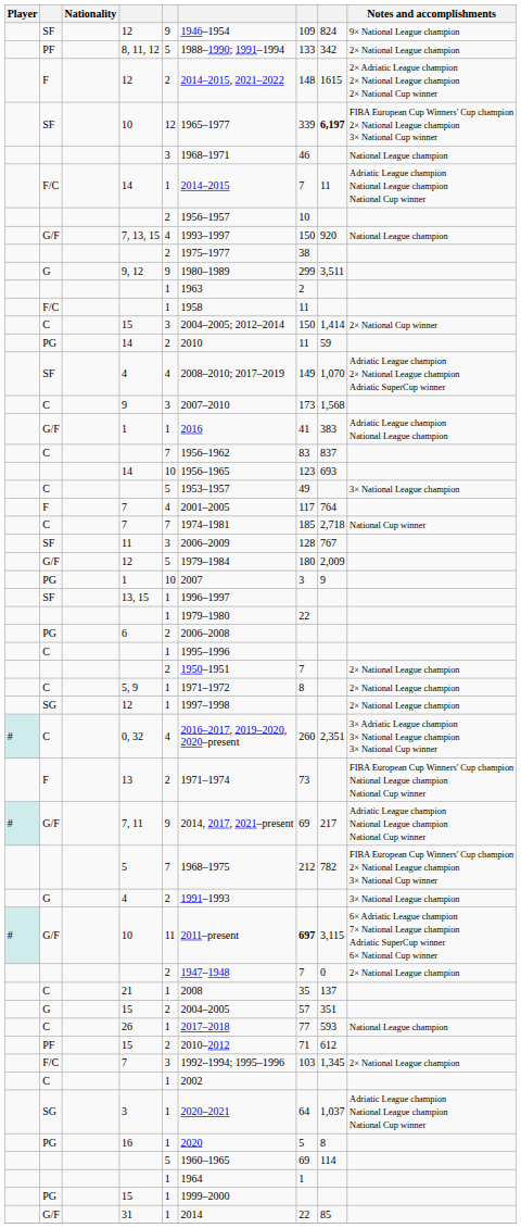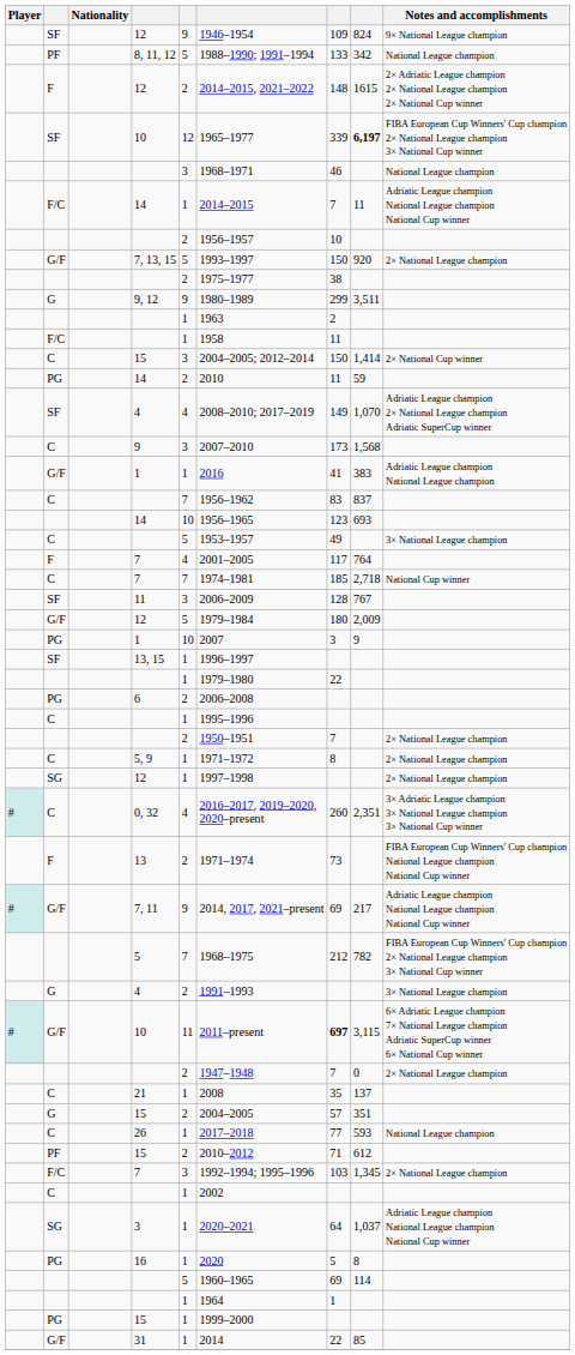 <table class="wikitable sortable" style="font-size:95%" style="text-align:center">
 <tr>
 <th scope="col">Player</th>
 <th scope="col"></th>
 <th scope="col">Nationality</th>
 <th scope="col"></th>
 <th scope="col"></th>
 <th scope="col"></th>
 <th scope="col"></th>
 <th scope="col"></th>
 <th scope="col" class="unsortable">Notes and accomplishments</th>
 </tr>
 <tr>
 <td align="left"></td>
 <td>SF</td>
 <td align="left"></td>
 <td>12</td>
 <td>9</td>
 <td><a href='#'>1946</a>–1954</td>
 <td>109</td>
 <td>824</td>
 <td align="left"><small>9× National League champion</small></td>
 </tr>
 <tr>
 <td align="left"></td>
 <td>PF</td>
 <td align="left"></td>
 <td>8, 11, 12</td>
 <td>5</td>
 <td>1988–<a href='#'>1990</a>; <a href='#'>1991</a>–1994</td>
 <td>133</td>
 <td>342</td>
-<td align="left"><small>2× National League champion</small></td>
+<td align="left"><small>National League champion</small></td>
 </tr>
 <tr>
 <td align="left"></td>
 <td>F</td>
 <td align="left"></td>
 <td>12</td>
 <td>2</td>
 <td><a href='#'>2014–2015</a>, <a href='#'>2021–2022</a></td>
 <td>148</td>
 <td>1615</td>
 <td align="left"><small>2× Adriatic League champion<br>2× National League champion<br>2× National Cup winner</small></td>
 </tr>
 <tr>
 <td align="left"></td>
 <td>SF</td>
 <td align="left"></td>
 <td>10</td>
 <td>12</td>
 <td>1965–1977</td>
 <td>339</td>
 <td><strong>6,197</strong></td>
 <td align="left"><small>FIBA European Cup Winners' Cup champion<br>2× National League champion<br>3× National Cup winner</small></td>
 </tr>
 <tr>
 <td align="left"></td>
 <td></td>
 <td align="left"></td>
 <td></td>
 <td>3</td>
 <td>1968–1971</td>
 <td>46</td>
 <td></td>
 <td align="left"><small>National League champion</small></td>
 </tr>
 <tr>
 <td align="left"></td>
 <td>F/C</td>
 <td align="left"></td>
 <td>14</td>
 <td>1</td>
 <td><a href='#'>2014–2015</a></td>
 <td>7</td>
 <td>11</td>
 <td align="left"><small>Adriatic League champion<br>National League champion<br>National Cup winner</small></td>
 </tr>
 <tr>
 <td align="left"></td>
 <td></td>
 <td align="left"></td>
 <td></td>
 <td>2</td>
 <td>1956–1957</td>
 <td>10</td>
 <td></td>
 <td></td>
 </tr>
 <tr>
 <td align="left"></td>
 <td>G/F</td>
 <td align="left"></td>
 <td>7, 13, 15</td>
-<td>4</td>
+<td>5</td>
 <td>1993–1997</td>
 <td>150</td>
 <td>920</td>
-<td align="left"><small>National League champion</small></td>
+<td align="left"><small>2× National League champion</small></td>
 </tr>
 <tr>
 <td align="left"></td>
 <td></td>
 <td align="left"></td>
 <td></td>
 <td>2</td>
 <td>1975–1977</td>
 <td>38</td>
 <td></td>
 <td></td>
 </tr>
 <tr>
 <td align="left"></td>
 <td>G</td>
 <td align="left"></td>
 <td>9, 12</td>
 <td>9</td>
 <td>1980–1989</td>
 <td>299</td>
 <td>3,511</td>
 <td></td>
 </tr>
 <tr>
 <td align="left"></td>
 <td></td>
 <td align="left"></td>
 <td></td>
 <td>1</td>
 <td>1963</td>
 <td>2</td>
 <td></td>
 <td></td>
 </tr>
 <tr>
 <td align="left"></td>
 <td>F/C</td>
 <td align="left"></td>
 <td></td>
 <td>1</td>
 <td>1958</td>
 <td>11</td>
 <td></td>
 <td></td>
 </tr>
 <tr>
 <td align="left"></td>
 <td>C</td>
 <td align="left"></td>
 <td>15</td>
 <td>3</td>
 <td>2004–2005; 2012–2014</td>
 <td>150</td>
 <td>1,414</td>
 <td align="left"><small>2× National Cup winner</small></td>
 </tr>
 <tr>
 <td align="left"></td>
 <td>PG</td>
 <td align="left"></td>
 <td>14</td>
 <td>2</td>
 <td>2010</td>
 <td>11</td>
 <td>59</td>
 <td></td>
 </tr>
 <tr>
 <td align="left"></td>
 <td>SF</td>
 <td align="left"></td>
 <td>4</td>
 <td>4</td>
 <td>2008–2010; 2017–2019</td>
 <td>149</td>
 <td>1,070</td>
 <td align="left"><small>Adriatic League champion<br>2× National League champion<br>Adriatic SuperCup winner</small></td>
 </tr>
 <tr>
 <td align="left"></td>
 <td>C</td>
 <td align="left"></td>
 <td>9</td>
 <td>3</td>
 <td>2007–2010</td>
 <td>173</td>
 <td>1,568</td>
 <td></td>
 </tr>
 <tr>
 <td align="left"></td>
 <td>G/F</td>
 <td align="left"></td>
 <td>1</td>
 <td>1</td>
 <td><a href='#'>2016</a></td>
 <td>41</td>
 <td>383</td>
 <td align="left"><small>Adriatic League champion<br>National League champion</small></td>
 </tr>
 <tr>
 <td align="left"></td>
 <td>C</td>
 <td align="left"></td>
 <td></td>
 <td>7</td>
 <td>1956–1962</td>
 <td>83</td>
 <td>837</td>
 <td></td>
 </tr>
 <tr>
 <td align="left"></td>
 <td></td>
 <td align="left"></td>
 <td>14</td>
 <td>10</td>
 <td>1956–1965</td>
 <td>123</td>
 <td>693</td>
 <td></td>
 </tr>
 <tr>
 <td align="left"></td>
 <td>C</td>
 <td align="left"></td>
 <td></td>
 <td>5</td>
 <td>1953–1957</td>
 <td>49</td>
 <td></td>
 <td align="left"><small>3× National League champion</small></td>
 </tr>
 <tr>
 <td align="left"></td>
 <td>F</td>
 <td align="left"></td>
 <td>7</td>
 <td>4</td>
 <td>2001–2005</td>
 <td>117</td>
 <td>764</td>
 <td></td>
 </tr>
 <tr>
 <td align="left"></td>
 <td>C</td>
 <td align="left"></td>
 <td>7</td>
 <td>7</td>
 <td>1974–1981</td>
 <td>185</td>
 <td>2,718</td>
 <td align="left"><small>National Cup winner</small></td>
 </tr>
 <tr>
 <td align="left"></td>
 <td>SF</td>
 <td align="left"></td>
 <td>11</td>
 <td>3</td>
 <td>2006–2009</td>
 <td>128</td>
 <td>767</td>
 <td></td>
 </tr>
 <tr>
 <td align="left"></td>
 <td>G/F</td>
 <td align="left"></td>
 <td>12</td>
 <td>5</td>
 <td>1979–1984</td>
 <td>180</td>
 <td>2,009</td>
 <td></td>
 </tr>
 <tr>
 <td align="left"></td>
 <td>PG</td>
 <td align="left"></td>
 <td>1</td>
 <td>10</td>
 <td>2007</td>
 <td>3</td>
 <td>9</td>
 <td></td>
 </tr>
 <tr>
 <td align="left"></td>
 <td>SF</td>
 <td align="left"></td>
 <td>13, 15</td>
 <td>1</td>
 <td>1996–1997</td>
 <td></td>
 <td></td>
 <td></td>
 </tr>
 <tr>
 <td align="left"></td>
 <td></td>
 <td align="left"></td>
 <td></td>
 <td>1</td>
 <td>1979–1980</td>
 <td>22</td>
 <td></td>
 <td></td>
 </tr>
 <tr>
 <td align="left"></td>
 <td>PG</td>
 <td align="left"></td>
 <td>6</td>
 <td>2</td>
 <td>2006–2008</td>
 <td></td>
 <td></td>
 <td></td>
 </tr>
 <tr>
 <td align="left"></td>
 <td>C</td>
 <td align="left"></td>
 <td></td>
 <td>1</td>
 <td>1995–1996</td>
 <td></td>
 <td></td>
 <td></td>
 </tr>
 <tr>
 <td align="left"></td>
 <td></td>
 <td align="left"></td>
 <td></td>
 <td>2</td>
 <td><a href='#'>1950</a>–1951</td>
 <td>7</td>
 <td></td>
 <td align="left"><small>2× National League champion</small></td>
 </tr>
 <tr>
 <td align="left"></td>
 <td>C</td>
 <td align="left"></td>
 <td>5, 9</td>
 <td>1</td>
 <td>1971–1972</td>
 <td>8</td>
 <td></td>
 <td align="left"><small>2× National League champion</small></td>
 </tr>
 <tr>
 <td align="left"></td>
 <td>SG</td>
 <td align="left"></td>
 <td>12</td>
 <td>1</td>
 <td>1997–1998</td>
 <td></td>
 <td></td>
 <td align="left"><small>2× National League champion</small></td>
 </tr>
 <tr>
 <td align="left" style="background-color:#cfecec"> #</td>
 <td>C</td>
 <td align="left"></td>
 <td>0, 32</td>
 <td>4</td>
 <td><a href='#'>2016–2017</a>, <a href='#'>2019–2020</a>,<br><a href='#'>2020</a>–present</td>
 <td>260</td>
 <td>2,351</td>
 <td align="left"><small>3× Adriatic League champion<br>3× National League champion<br>3× National Cup winner</small></td>
 </tr>
 <tr>
 <td align="left"></td>
 <td>F</td>
 <td align="left"></td>
 <td>13</td>
 <td>2</td>
 <td>1971–1974</td>
 <td>73</td>
 <td></td>
 <td align="left"><small>FIBA European Cup Winners' Cup champion<br>National League champion<br>National Cup winner</small></td>
 </tr>
 <tr>
 <td align="left" style="background-color:#cfecec"> #</td>
 <td>G/F</td>
 <td align="left"></td>
 <td>7, 11</td>
 <td>9</td>
 <td>2014, <a href='#'>2017</a>, <a href='#'>2021</a>–present</td>
 <td>69</td>
 <td>217</td>
 <td align="left"><small>Adriatic League champion<br>National League champion<br>National Cup winner</small></td>
 </tr>
 <tr>
 <td align="left"></td>
 <td></td>
 <td align="left"></td>
 <td>5</td>
 <td>7</td>
 <td>1968–1975</td>
 <td>212</td>
 <td>782</td>
 <td align="left"><small>FIBA European Cup Winners' Cup champion<br>2× National League champion<br>3× National Cup winner</small></td>
 </tr>
 <tr>
 <td align="left"></td>
 <td>G</td>
 <td align="left"></td>
 <td>4</td>
 <td>2</td>
 <td><a href='#'>1991</a>–1993</td>
 <td></td>
 <td></td>
 <td align="left"><small>3× National League champion</small></td>
 </tr>
 <tr>
 <td align="left" style="background-color:#cfecec"> #</td>
 <td>G/F</td>
 <td align="left"></td>
 <td>10</td>
 <td>11</td>
 <td><a href='#'>2011</a>–present</td>
 <td><strong>697</strong></td>
 <td>3,115</td>
 <td align="left"><small>6× Adriatic League champion<br>7× National League champion<br>Adriatic SuperCup winner<br>6× National Cup winner</small></td>
 </tr>
 <tr>
 <td align="left"></td>
 <td></td>
 <td align="left"></td>
 <td></td>
 <td>2</td>
 <td><a href='#'>1947</a>–<a href='#'>1948</a></td>
 <td>7</td>
 <td>0</td>
 <td align="left"><small>2× National League champion</small></td>
 </tr>
 <tr>
 <td align="left"></td>
 <td>C</td>
 <td align="left"></td>
 <td>21</td>
 <td>1</td>
 <td>2008</td>
 <td>35</td>
 <td>137</td>
 <td></td>
 </tr>
 <tr>
 <td align="left"></td>
 <td>G</td>
 <td align="left"></td>
 <td>15</td>
 <td>2</td>
 <td>2004–2005</td>
 <td>57</td>
 <td>351</td>
 <td></td>
 </tr>
 <tr>
 <td align="left"></td>
 <td>C</td>
 <td align="left"></td>
 <td>26</td>
 <td>1</td>
 <td><a href='#'>2017–2018</a></td>
 <td>77</td>
 <td>593</td>
 <td align="left"><small>National League champion</small></td>
 </tr>
 <tr>
 <td align="left"></td>
 <td>PF</td>
 <td align="left"></td>
 <td>15</td>
 <td>2</td>
 <td>2010–<a href='#'>2012</a></td>
 <td>71</td>
 <td>612</td>
 <td></td>
 </tr>
 <tr>
 <td align="left"></td>
 <td>F/C</td>
 <td align="left"></td>
 <td>7</td>
 <td>3</td>
 <td>1992–1994; 1995–1996</td>
 <td>103</td>
 <td>1,345</td>
 <td align="left"><small>2× National League champion</small> </td>
 </tr>
 <tr>
 <td align="left"></td>
 <td>C</td>
 <td align="left"></td>
 <td></td>
 <td>1</td>
 <td>2002</td>
 <td></td>
 <td></td>
 <td></td>
 </tr>
 <tr>
 <td align="left"></td>
 <td>SG</td>
 <td align="left"></td>
 <td>3</td>
 <td>1</td>
 <td><a href='#'>2020–2021</a></td>
 <td>64</td>
 <td>1,037</td>
 <td align="left"><small>Adriatic League champion<br>National League champion<br>National Cup winner</small></td>
 </tr>
 <tr>
 <td align="left"></td>
 <td>PG</td>
 <td align="left"></td>
 <td>16</td>
 <td>1</td>
 <td><a href='#'>2020</a></td>
 <td>5</td>
 <td>8</td>
 <td></td>
 </tr>
 <tr>
 <td align="left"></td>
 <td></td>
 <td align="left"></td>
 <td></td>
 <td>5</td>
 <td>1960–1965</td>
 <td>69</td>
 <td>114</td>
 <td></td>
 </tr>
 <tr>
 <td align="left"></td>
 <td></td>
 <td align="left"></td>
 <td></td>
 <td>1</td>
 <td>1964</td>
 <td>1</td>
 <td></td>
 <td></td>
 </tr>
 <tr>
 <td align="left"></td>
 <td>PG</td>
 <td align="left"></td>
 <td>15</td>
 <td>1</td>
 <td>1999–2000</td>
 <td></td>
 <td></td>
 <td></td>
 </tr>
 <tr>
 <td align="left"></td>
 <td>G/F</td>
 <td align="left"></td>
 <td>31</td>
 <td>1</td>
 <td>2014</td>
 <td>22</td>
 <td>85</td>
 <td></td>
 </tr>
 <tr>
 </tr>
 </table>
